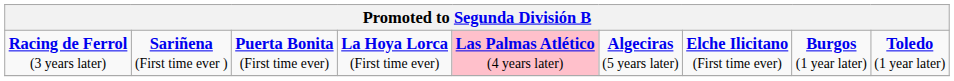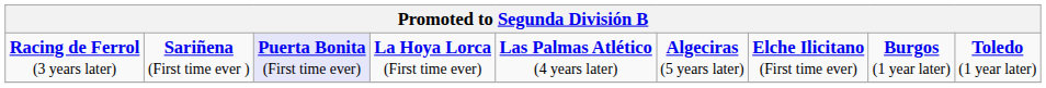 <table class="wikitable" style="text-align: center; margin: 0 auto;">
 <tr>
 <th colspan="9">Promoted to <a href='#'>Segunda División B</a></th>
 </tr>
 <tr>
 <td><strong><a href='#'>Racing de Ferrol</a></strong><br><small>(3 years later)</small></td>
 <td><strong><a href='#'>Sariñena</a></strong><br><small>(First time ever )</small></td>
-<td><strong><a href='#'>Puerta Bonita</a></strong><br><small>(First time ever)</small></td>
+<td style="background: lavender;"><strong><a href='#'>Puerta Bonita</a></strong><br><small>(First time ever)</small></td>
 <td><strong><a href='#'>La Hoya Lorca</a></strong><br><small>(First time ever)</small></td>
-<td style="background: pink;"><strong><a href='#'>Las Palmas Atlético</a></strong><br><small>(4 years later)</small></td>
+<td><strong><a href='#'>Las Palmas Atlético</a></strong><br><small>(4 years later)</small></td>
 <td><strong><a href='#'>Algeciras</a></strong><br><small>(5 years later)</small></td>
 <td><strong><a href='#'>Elche Ilicitano</a></strong><br><small>(First time ever)</small></td>
 <td><strong><a href='#'>Burgos</a></strong><br><small>(1 year later)</small></td>
 <td><strong><a href='#'>Toledo</a></strong><br><small>(1 year later)</small></td>
 </tr>
 <tr>
 </tr>
 </table>
